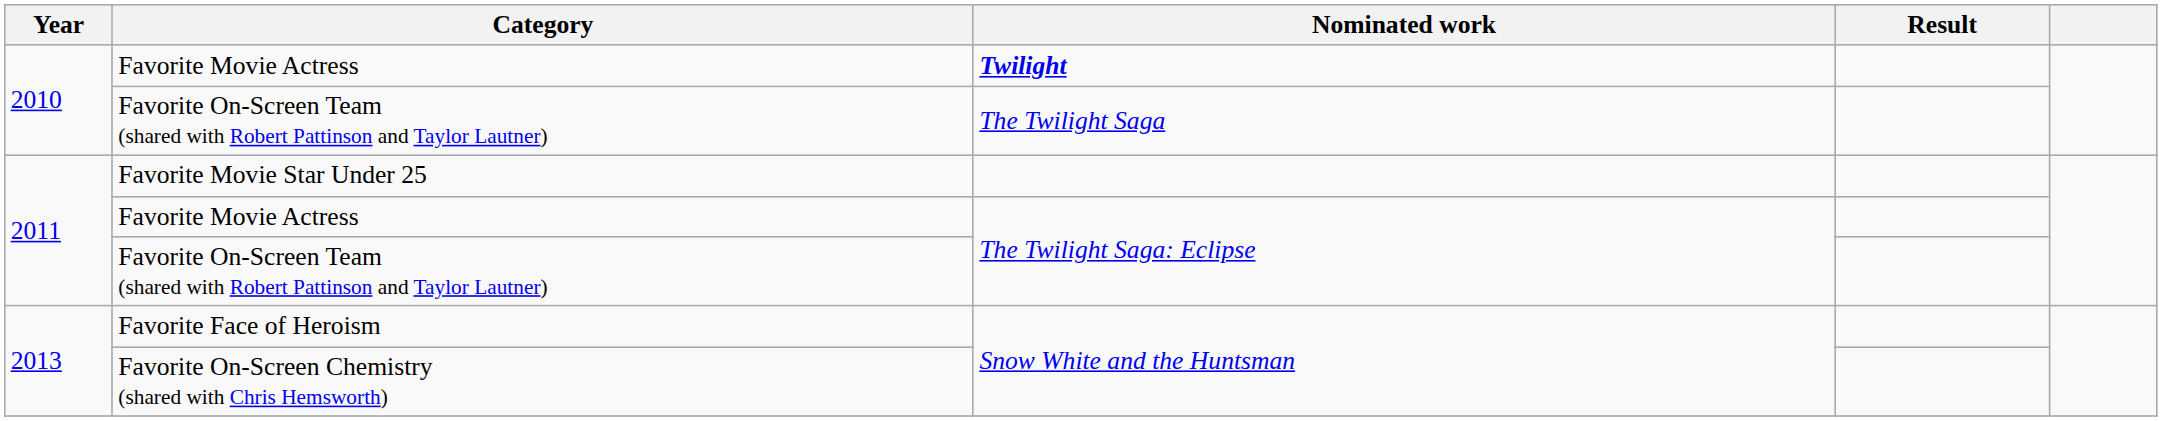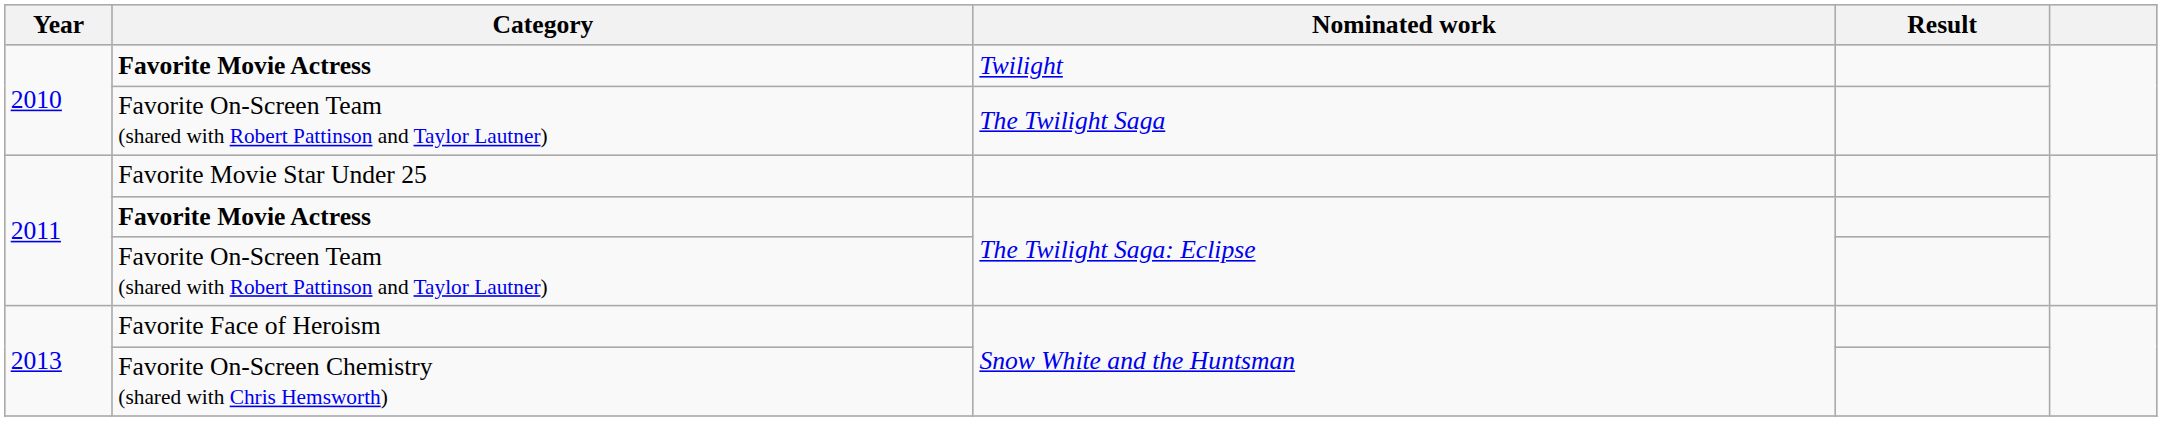 <table class="wikitable" style="width:85%;">
 <tr>
 <th width=5%>Year</th>
 <th style="width:40%;">Category</th>
 <th style="width:40%;">Nominated work</th>
 <th style="width:10%;">Result</th>
 <th width=5%></th>
 </tr>
 <tr>
 <td rowspan=2><a href='#'>2010</a></td>
-<td>Favorite Movie Actress</td>
-<td><strong><em><a href='#'>Twilight</a></em></strong></td>
+<td><strong>Favorite Movie Actress</strong></td>
+<td><em><a href='#'>Twilight</a></em></td>
 <td></td>
 <td rowspan="2"></td>
 </tr>
 <tr>
 <td>Favorite On-Screen Team<br><small>(shared with <a href='#'>Robert Pattinson</a> and <a href='#'>Taylor Lautner</a>)</small></td>
 <td><em><a href='#'>The Twilight Saga</a></em></td>
 <td></td>
 </tr>
 <tr>
 <td rowspan=3><a href='#'>2011</a></td>
 <td>Favorite Movie Star Under 25</td>
 <td></td>
 <td></td>
 <td rowspan="3"></td>
 </tr>
 <tr>
-<td>Favorite Movie Actress</td>
+<td><strong>Favorite Movie Actress</strong></td>
 <td rowspan=2><em><a href='#'>The Twilight Saga: Eclipse</a></em></td>
 <td></td>
 </tr>
 <tr>
 <td>Favorite On-Screen Team<br><small>(shared with <a href='#'>Robert Pattinson</a> and <a href='#'>Taylor Lautner</a>)</small></td>
 <td></td>
 </tr>
 <tr>
 <td rowspan=2><a href='#'>2013</a></td>
 <td>Favorite Face of Heroism</td>
 <td rowspan=2><em><a href='#'>Snow White and the Huntsman</a></em></td>
 <td></td>
 <td rowspan="2"></td>
 </tr>
 <tr>
 <td>Favorite On-Screen Chemistry<br><small>(shared with <a href='#'>Chris Hemsworth</a>)</small></td>
 <td></td>
 </tr>
 </table>
